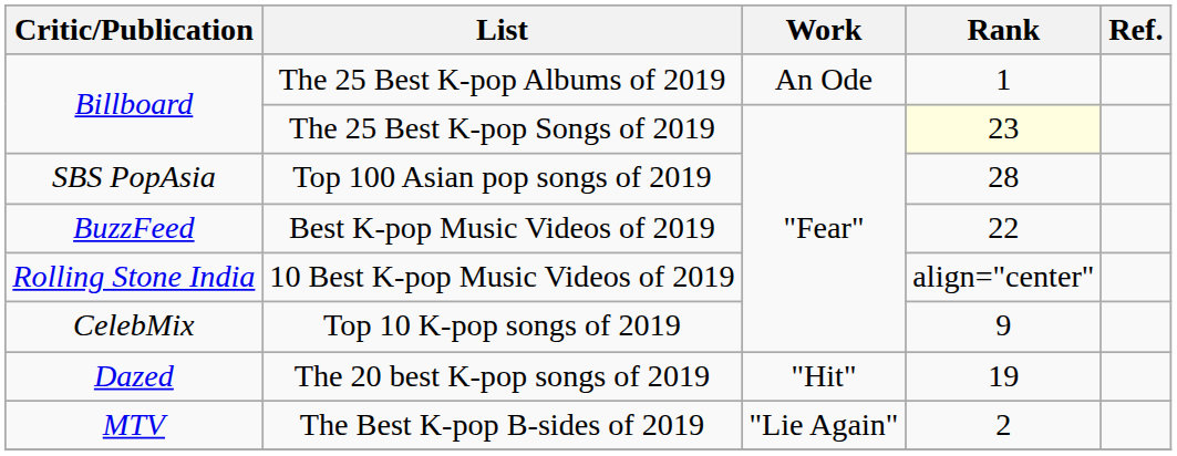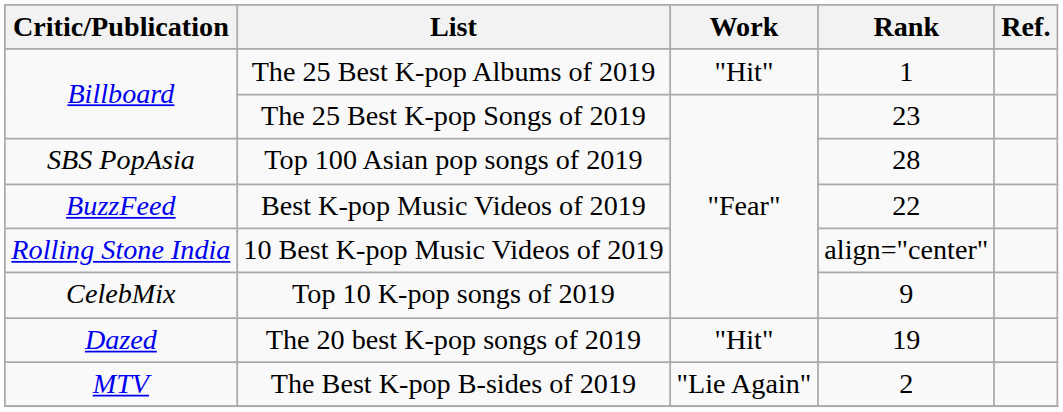 <table class="sortable wikitable">
 <tr>
 <th>Critic/Publication</th>
 <th>List</th>
 <th>Work</th>
 <th>Rank</th>
 <th>Ref.</th>
 </tr>
 <tr>
 <td align="center" rowspan="2"><em><a href='#'>Billboard</a></em></td>
 <td align="center">The 25 Best K-pop Albums of 2019</td>
-<td align="center">An Ode</td>
+<td align="center">"Hit"</td>
 <td align="center">1</td>
 <td align="center"></td>
 </tr>
 <tr>
 <td align="center">The 25 Best K-pop Songs of 2019</td>
 <td align="center" rowspan="5">"Fear"</td>
-<td align="center" style="background: lightyellow;">23</td>
+<td align="center">23</td>
 <td align="center"></td>
 </tr>
 <tr>
 <td align="center"><em>SBS PopAsia</em></td>
 <td align="center">Top 100 Asian pop songs of 2019</td>
 <td align="center">28</td>
 <td align="center"></td>
 </tr>
 <tr>
 <td align="center"><em><a href='#'>BuzzFeed</a></em></td>
 <td align="center">Best K-pop Music Videos of 2019</td>
 <td align="center">22</td>
 <td align="center"></td>
 </tr>
 <tr>
 <td align="center"><em><a href='#'>Rolling Stone India</a></em></td>
 <td align="center">10 Best K-pop Music Videos of 2019</td>
 <td>align="center" </td>
 <td align="center"></td>
 </tr>
 <tr>
 <td align="center"><em>CelebMix</em></td>
 <td align="center">Top 10 K-pop songs of 2019</td>
 <td align="center">9</td>
 <td align="center"></td>
 </tr>
 <tr>
 <td align="center"><em><a href='#'>Dazed</a></em></td>
 <td align="center">The 20 best K-pop songs of 2019</td>
 <td align="center">"Hit"</td>
 <td align="center">19</td>
 <td align="center"></td>
 </tr>
 <tr>
 <td align="center"><em><a href='#'>MTV</a></em></td>
 <td align="center">The Best K-pop B-sides of 2019</td>
 <td align="center">"Lie Again"</td>
 <td align="center">2</td>
 <td align="center"></td>
 </tr>
 <tr>
 </tr>
 </table>
